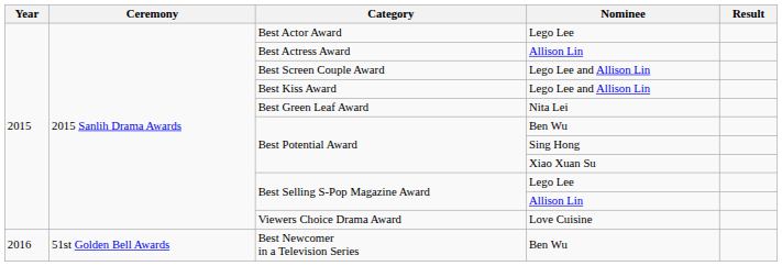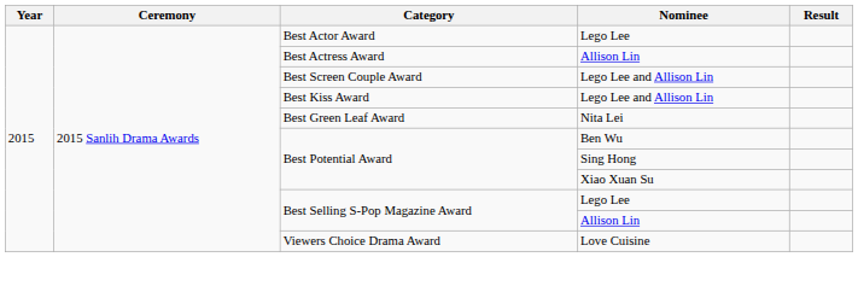 <table class="wikitable" width="83%">
 <tr>
 <th>Year</th>
 <th>Ceremony</th>
 <th>Category</th>
 <th>Nominee</th>
 <th>Result</th>
 </tr>
 <tr>
 <td rowspan=11>2015</td>
 <td rowspan=11>2015 <a href='#'>Sanlih Drama Awards</a></td>
 <td>Best Actor Award</td>
 <td>Lego Lee</td>
 <td></td>
 </tr>
 <tr>
 <td>Best Actress Award</td>
 <td><a href='#'>Allison Lin</a></td>
 <td></td>
 </tr>
 <tr>
 <td>Best Screen Couple Award</td>
 <td>Lego Lee and <a href='#'>Allison Lin</a></td>
 <td></td>
 </tr>
 <tr>
 <td>Best Kiss Award</td>
 <td>Lego Lee and <a href='#'>Allison Lin</a></td>
 <td></td>
 </tr>
 <tr>
 <td>Best Green Leaf Award</td>
 <td>Nita Lei</td>
 <td></td>
 </tr>
 <tr>
 <td rowspan=3>Best Potential Award</td>
 <td>Ben Wu</td>
 <td></td>
 </tr>
 <tr>
 <td>Sing Hong</td>
 <td></td>
 </tr>
 <tr>
 <td>Xiao Xuan Su</td>
 <td></td>
 </tr>
 <tr>
 <td rowspan=2>Best Selling S-Pop Magazine Award</td>
 <td>Lego Lee</td>
 <td></td>
 </tr>
 <tr>
 <td><a href='#'>Allison Lin</a></td>
 <td></td>
 </tr>
 <tr>
 <td>Viewers Choice Drama Award</td>
 <td>Love Cuisine</td>
 <td></td>
 </tr>
-<tr>
-<td rowspan=1>2016</td>
-<td>51st <a href='#'>Golden Bell Awards</a></td>
-<td>Best Newcomer<br>in a Television Series</td>
-<td>Ben Wu</td>
-<td></td>
-</tr>
 </table>
